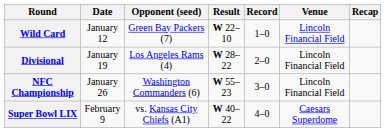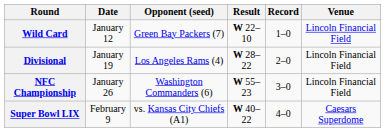 <table class="wikitable" style="text-align:center">
 <tr>
 <th>Round</th>
 <th>Date</th>
 <th>Opponent (seed)</th>
 <th>Result</th>
 <th>Record</th>
 <th>Venue</th>
-<th>Recap</th>
 </tr>
 <tr>
 <th><a href='#'>Wild Card</a></th>
 <td>January 12</td>
 <td><a href='#'>Green Bay Packers</a> (7)</td>
 <td><strong>W</strong> 22–10</td>
 <td>1–0</td>
 <td><a href='#'>Lincoln Financial Field</a></td>
-<td></td>
 </tr>
 <tr>
 <th><a href='#'>Divisional</a></th>
 <td>January 19</td>
 <td><a href='#'>Los Angeles Rams</a> (4)</td>
 <td><strong>W</strong> 28–22</td>
 <td>2–0</td>
 <td>Lincoln Financial Field</td>
-<td></td>
 </tr>
 <tr>
 <th><a href='#'>NFC Championship</a></th>
 <td>January 26</td>
 <td><a href='#'>Washington Commanders</a> (6)</td>
 <td><strong>W</strong> 55–23</td>
 <td>3–0</td>
 <td>Lincoln Financial Field</td>
-<td></td>
 </tr>
 <tr>
 <th><a href='#'>Super Bowl LIX</a></th>
 <td>February 9</td>
 <td>vs. <a href='#'>Kansas City Chiefs</a> (A1)</td>
 <td><strong>W</strong> 40–22</td>
 <td>4–0</td>
 <td><a href='#'>Caesars Superdome</a></td>
-<td></td>
 </tr>
 </table>
